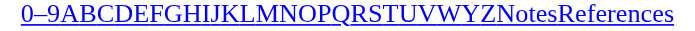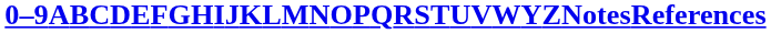 <table id="toc" class="toc" summary="Class" align="center" style="text-align:center;">
 <tr>
 <th></th>
 </tr>
 <tr>
-<td><a href='#'>0–9</a><a href='#'>A</a><a href='#'>B</a><a href='#'>C</a><a href='#'>D</a><a href='#'>E</a><a href='#'>F</a><a href='#'>G</a><a href='#'>H</a><a href='#'>I</a><a href='#'>J</a><a href='#'>K</a><a href='#'>L</a><a href='#'>M</a><a href='#'>N</a><a href='#'>O</a><a href='#'>P</a><a href='#'>Q</a><a href='#'>R</a><a href='#'>S</a><a href='#'>T</a><a href='#'>U</a><a href='#'>V</a><a href='#'>W</a><a href='#'>Y</a><a href='#'>Z</a><a href='#'>Notes</a><a href='#'>References</a></td>
+<td><strong><a href='#'>0–9</a><a href='#'>A</a><a href='#'>B</a><a href='#'>C</a><a href='#'>D</a><a href='#'>E</a><a href='#'>F</a><a href='#'>G</a><a href='#'>H</a><a href='#'>I</a><a href='#'>J</a><a href='#'>K</a><a href='#'>L</a><a href='#'>M</a><a href='#'>N</a><a href='#'>O</a><a href='#'>P</a><a href='#'>Q</a><a href='#'>R</a><a href='#'>S</a><a href='#'>T</a><a href='#'>U</a><a href='#'>V</a><a href='#'>W</a><a href='#'>Y</a><a href='#'>Z</a><a href='#'>Notes</a><a href='#'>References</a></strong></td>
 </tr>
 </table>
